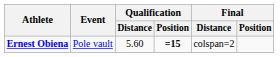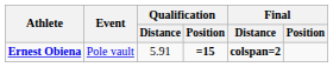 <table class=wikitable style=font-size:90%>
 <tr>
 <th rowspan=2>Athlete</th>
 <th rowspan=2>Event</th>
 <th colspan=2>Qualification</th>
 <th colspan=2>Final</th>
 </tr>
 <tr style=font-size:95%>
 <th>Distance</th>
 <th>Position</th>
 <th>Distance</th>
 <th>Position</th>
 </tr>
 <tr align=center>
 <td align=left><strong><a href='#'>Ernest Obiena</a></strong></td>
 <td><a href='#'>Pole vault</a></td>
-<td>5.60</td>
+<td>5.91</td>
 <td><strong>=15</strong></td>
-<td>colspan=2  </td>
+<td><strong>colspan=2  </strong></td>
 </tr>
 </table>
